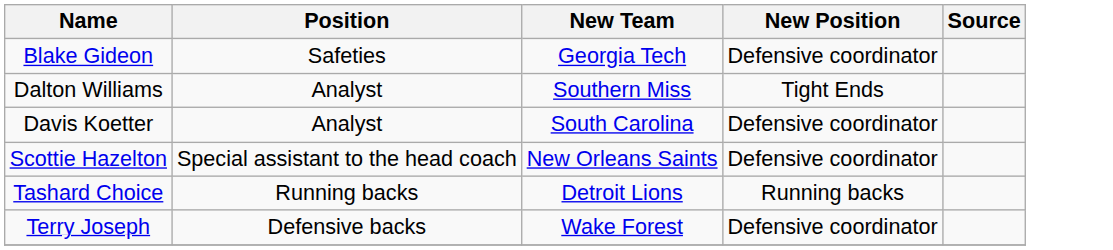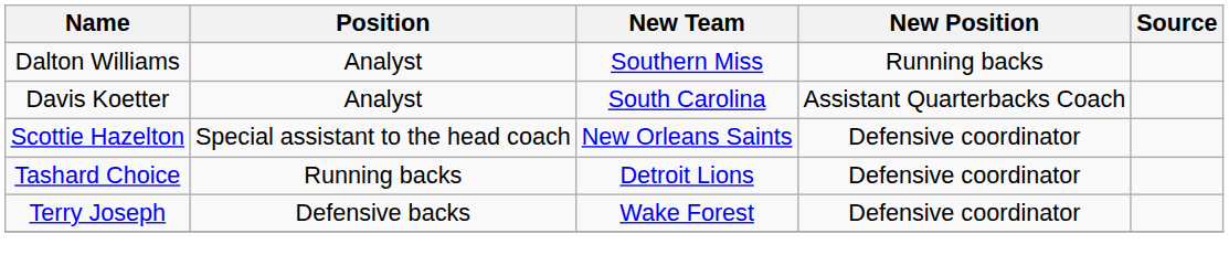 <table class="wikitable">
 <tr>
 <th style="text-align:center; ">Name</th>
 <th style="text-align:center; ">Position</th>
 <th style="text-align:center; ">New Team</th>
 <th style="text-align:center; ">New Position</th>
 <th style="text-align:center; ">Source</th>
 </tr>
 <tr align="center">
-<td><a href='#'>Blake Gideon</a></td>
-<td>Safeties</td>
-<td><a href='#'>Georgia Tech</a></td>
-<td>Defensive coordinator</td>
-<td></td>
-</tr>
-<tr align="center">
 <td>Dalton Williams</td>
 <td>Analyst</td>
 <td><a href='#'>Southern Miss</a></td>
-<td>Tight Ends</td>
+<td>Running backs</td>
 <td></td>
 </tr>
 <tr align="center">
 <td>Davis Koetter</td>
 <td>Analyst</td>
 <td><a href='#'>South Carolina</a></td>
-<td>Defensive coordinator</td>
+<td>Assistant Quarterbacks Coach</td>
 <td></td>
 </tr>
 <tr align="center">
 <td><a href='#'>Scottie Hazelton</a></td>
 <td>Special assistant to the head coach</td>
 <td><a href='#'>New Orleans Saints</a></td>
 <td>Defensive coordinator</td>
 <td></td>
 </tr>
 <tr align="center">
 <td><a href='#'>Tashard Choice</a></td>
 <td>Running backs</td>
 <td><a href='#'>Detroit Lions</a></td>
-<td>Running backs</td>
+<td>Defensive coordinator</td>
 <td></td>
 </tr>
 <tr align="center">
 <td><a href='#'>Terry Joseph</a></td>
 <td>Defensive backs</td>
 <td><a href='#'>Wake Forest</a></td>
 <td>Defensive coordinator</td>
 <td></td>
 </tr>
 <tr>
 </tr>
 </table>
